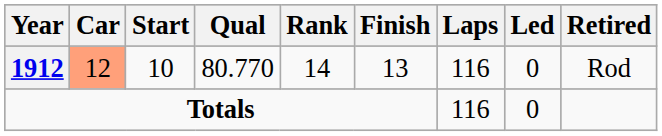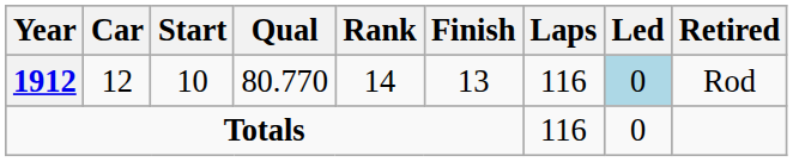 <table class="wikitable" style="text-align:center">
 <tr>
 <th>Year</th>
 <th>Car</th>
 <th>Start</th>
 <th>Qual</th>
 <th>Rank</th>
 <th>Finish</th>
 <th>Laps</th>
 <th>Led</th>
 <th>Retired</th>
 </tr>
 <tr>
 <th><a href='#'>1912</a></th>
-<td style="background: lightsalmon;">12</td>
+<td>12</td>
 <td>10</td>
 <td>80.770</td>
 <td>14</td>
 <td>13</td>
 <td>116</td>
-<td>0</td>
+<td style="background: lightblue;">0</td>
 <td>Rod</td>
 </tr>
 <tr>
 <td colspan=6><strong>Totals</strong></td>
 <td>116</td>
 <td>0</td>
 <td></td>
 </tr>
 </table>
